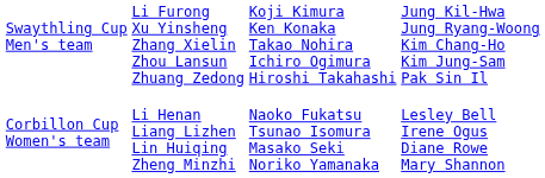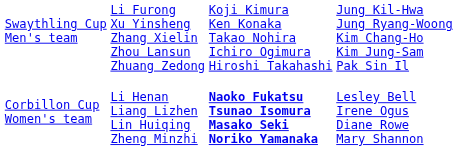 <table>
 <tr>
 <td><a href='#'>Swaythling Cup<br>Men's team</a></td>
 <td><br><a href='#'>Li Furong</a><br><a href='#'>Xu Yinsheng</a><br><a href='#'>Zhang Xielin</a><br><a href='#'>Zhou Lansun</a><br><a href='#'>Zhuang Zedong</a></td>
 <td><br><a href='#'>Koji Kimura</a><br><a href='#'>Ken Konaka</a><br><a href='#'>Takao Nohira</a><br><a href='#'>Ichiro Ogimura</a><br><a href='#'>Hiroshi Takahashi</a></td>
 <td><br><a href='#'>Jung Kil-Hwa</a><br><a href='#'>Jung Ryang-Woong</a><br><a href='#'>Kim Chang-Ho</a><br><a href='#'>Kim Jung-Sam</a><br><a href='#'>Pak Sin Il</a></td>
 </tr>
 <tr>
 <td><a href='#'>Corbillon Cup<br>Women's team</a></td>
 <td><br><a href='#'>Li Henan</a><br><a href='#'>Liang Lizhen</a><br><a href='#'>Lin Huiqing</a><br><a href='#'>Zheng Minzhi</a></td>
-<td><br><a href='#'>Naoko Fukatsu</a><br><a href='#'>Tsunao Isomura</a><br><a href='#'>Masako Seki</a><br><a href='#'>Noriko Yamanaka</a></td>
+<td><strong><br><a href='#'>Naoko Fukatsu</a><br><a href='#'>Tsunao Isomura</a><br><a href='#'>Masako Seki</a><br><a href='#'>Noriko Yamanaka</a></strong></td>
 <td><br><a href='#'>Lesley Bell</a><br><a href='#'>Irene Ogus</a><br><a href='#'>Diane Rowe</a><br><a href='#'>Mary Shannon</a></td>
 </tr>
 </table>
